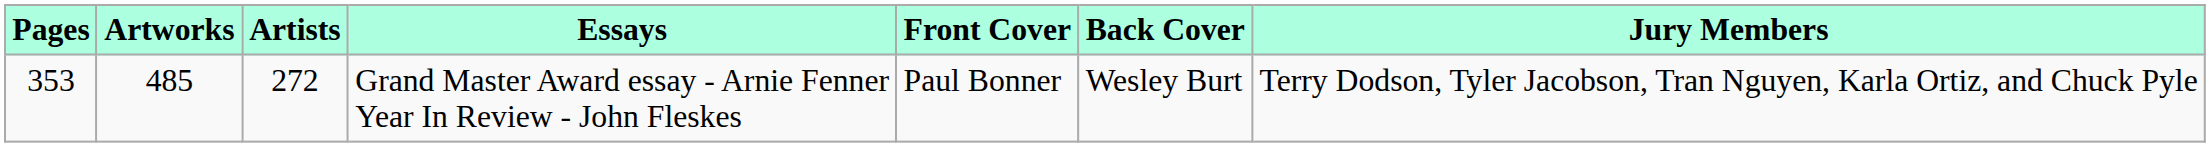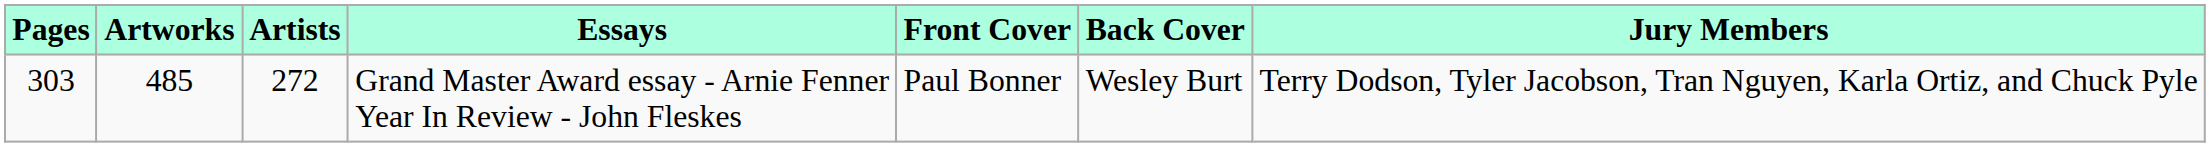 <table class="wikitable">
 <tr>
 <th style="background:#acffdf">Pages</th>
 <th style="background:#acffdf">Artworks</th>
 <th style="background:#acffdf">Artists</th>
 <th style="background:#acffdf">Essays</th>
 <th style="background:#acffdf">Front Cover</th>
 <th style="background:#acffdf">Back Cover</th>
 <th style="background:#acffdf">Jury Members</th>
 </tr>
 <tr valign="top">
-<td align="center">353</td>
+<td align="center">303</td>
 <td align="center">485</td>
 <td align="center">272</td>
 <td>Grand Master Award essay - Arnie Fenner<br>Year In Review - John Fleskes</td>
 <td>Paul Bonner</td>
 <td>Wesley Burt</td>
 <td>Terry Dodson, Tyler Jacobson, Tran Nguyen, Karla Ortiz, and Chuck Pyle</td>
 </tr>
 </table>
